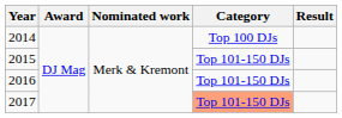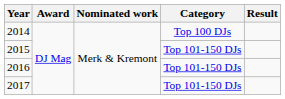 <table class="wikitable plainrowheaders" style="text-align:center;">
 <tr>
 <th>Year</th>
 <th>Award</th>
 <th>Nominated work</th>
 <th>Category</th>
 <th>Result</th>
 </tr>
 <tr>
 <td rowspan="1">2014</td>
 <td rowspan="4"><a href='#'>DJ Mag</a></td>
 <td rowspan="4">Merk & Kremont</td>
 <td><a href='#'>Top 100 DJs</a></td>
 <td></td>
 </tr>
 <tr>
 <td rowspan="1">2015</td>
 <td><a href='#'>Top 101-150 DJs</a></td>
 <td></td>
 </tr>
 <tr>
 <td rowspan="1">2016</td>
 <td><a href='#'>Top 101-150 DJs</a></td>
 <td></td>
 </tr>
 <tr>
 <td rowspan="1">2017</td>
-<td style="background: lightsalmon;"><a href='#'>Top 101-150 DJs</a></td>
+<td><a href='#'>Top 101-150 DJs</a></td>
 <td></td>
 </tr>
 </table>
